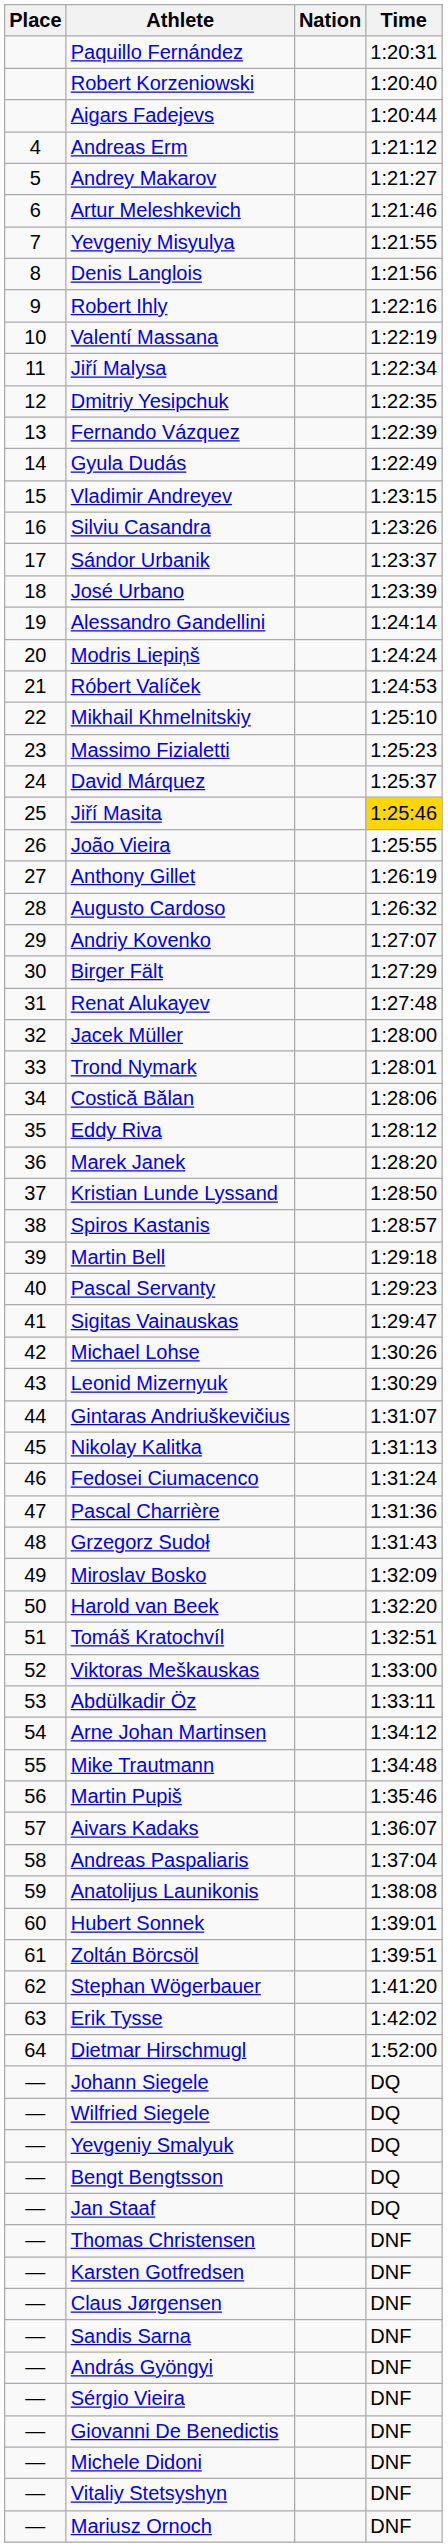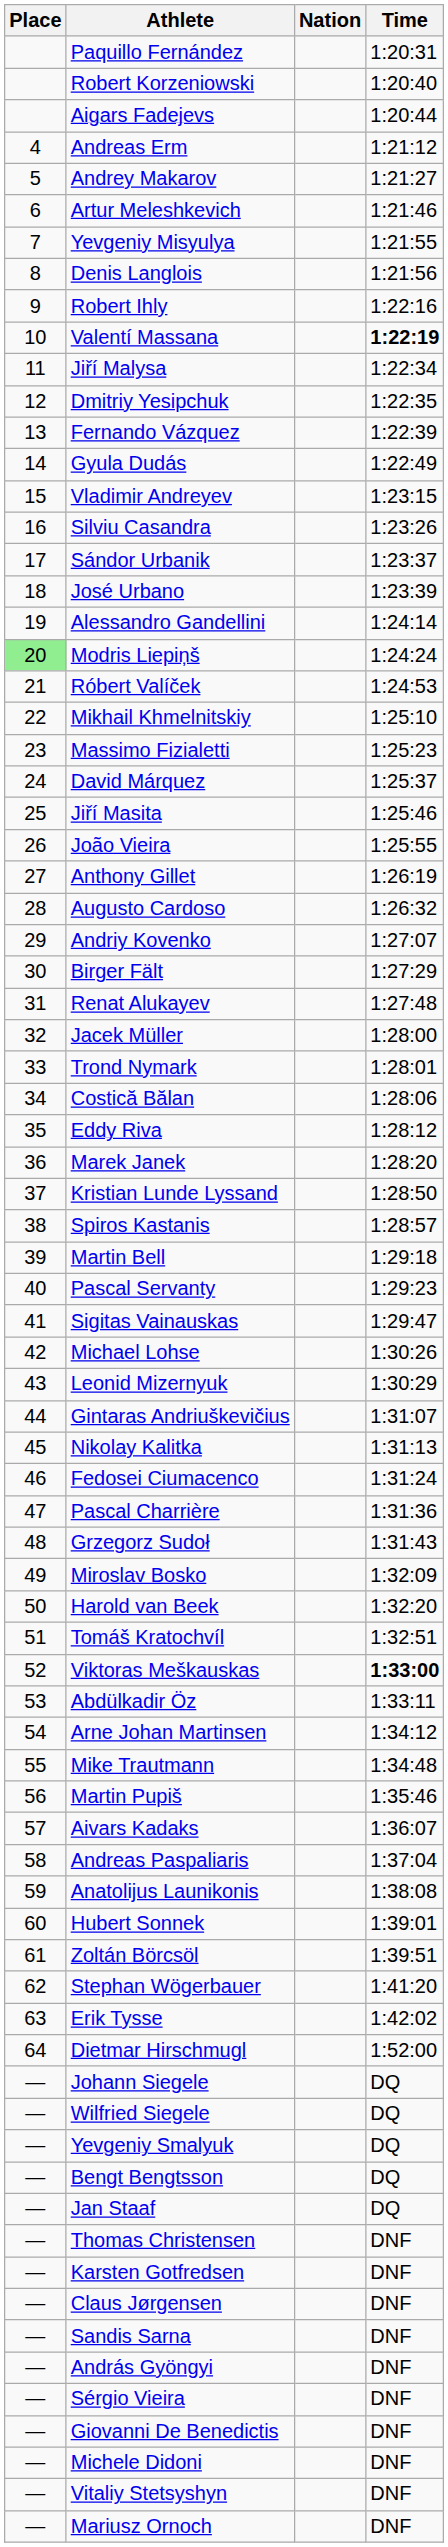 <table class="wikitable sortable">
 <tr>
 <th>Place</th>
 <th>Athlete</th>
 <th>Nation</th>
 <th>Time</th>
 </tr>
 <tr>
 <td align=center></td>
 <td><a href='#'>Paquillo Fernández</a></td>
 <td></td>
 <td>1:20:31</td>
 </tr>
 <tr>
 <td align=center></td>
 <td><a href='#'>Robert Korzeniowski</a></td>
 <td></td>
 <td>1:20:40</td>
 </tr>
 <tr>
 <td align=center></td>
 <td><a href='#'>Aigars Fadejevs</a></td>
 <td></td>
 <td>1:20:44</td>
 </tr>
 <tr>
 <td align=center>4</td>
 <td><a href='#'>Andreas Erm</a></td>
 <td></td>
 <td>1:21:12</td>
 </tr>
 <tr>
 <td align=center>5</td>
 <td><a href='#'>Andrey Makarov</a></td>
 <td></td>
 <td>1:21:27</td>
 </tr>
 <tr>
 <td align=center>6</td>
 <td><a href='#'>Artur Meleshkevich</a></td>
 <td></td>
 <td>1:21:46</td>
 </tr>
 <tr>
 <td align=center>7</td>
 <td><a href='#'>Yevgeniy Misyulya</a></td>
 <td></td>
 <td>1:21:55</td>
 </tr>
 <tr>
 <td align=center>8</td>
 <td><a href='#'>Denis Langlois</a></td>
 <td></td>
 <td>1:21:56</td>
 </tr>
 <tr>
 <td align=center>9</td>
 <td><a href='#'>Robert Ihly</a></td>
 <td></td>
 <td>1:22:16</td>
 </tr>
 <tr>
 <td align=center>10</td>
 <td><a href='#'>Valentí Massana</a></td>
 <td></td>
-<td>1:22:19</td>
+<td><strong>1:22:19</strong></td>
 </tr>
 <tr>
 <td align=center>11</td>
 <td><a href='#'>Jiří Malysa</a></td>
 <td></td>
 <td>1:22:34</td>
 </tr>
 <tr>
 <td align=center>12</td>
 <td><a href='#'>Dmitriy Yesipchuk</a></td>
 <td></td>
 <td>1:22:35</td>
 </tr>
 <tr>
 <td align=center>13</td>
 <td><a href='#'>Fernando Vázquez</a></td>
 <td></td>
 <td>1:22:39</td>
 </tr>
 <tr>
 <td align=center>14</td>
 <td><a href='#'>Gyula Dudás</a></td>
 <td></td>
 <td>1:22:49</td>
 </tr>
 <tr>
 <td align=center>15</td>
 <td><a href='#'>Vladimir Andreyev</a></td>
 <td></td>
 <td>1:23:15</td>
 </tr>
 <tr>
 <td align=center>16</td>
 <td><a href='#'>Silviu Casandra</a></td>
 <td></td>
 <td>1:23:26</td>
 </tr>
 <tr>
 <td align=center>17</td>
 <td><a href='#'>Sándor Urbanik</a></td>
 <td></td>
 <td>1:23:37</td>
 </tr>
 <tr>
 <td align=center>18</td>
 <td><a href='#'>José Urbano</a></td>
 <td></td>
 <td>1:23:39</td>
 </tr>
 <tr>
 <td align=center>19</td>
 <td><a href='#'>Alessandro Gandellini</a></td>
 <td></td>
 <td>1:24:14</td>
 </tr>
 <tr>
-<td align=center>20</td>
+<td align=center style="background: lightgreen;">20</td>
 <td><a href='#'>Modris Liepiņš</a></td>
 <td></td>
 <td>1:24:24</td>
 </tr>
 <tr>
 <td align=center>21</td>
 <td><a href='#'>Róbert Valíček</a></td>
 <td></td>
 <td>1:24:53</td>
 </tr>
 <tr>
 <td align=center>22</td>
 <td><a href='#'>Mikhail Khmelnitskiy</a></td>
 <td></td>
 <td>1:25:10</td>
 </tr>
 <tr>
 <td align=center>23</td>
 <td><a href='#'>Massimo Fizialetti</a></td>
 <td></td>
 <td>1:25:23</td>
 </tr>
 <tr>
 <td align=center>24</td>
 <td><a href='#'>David Márquez</a></td>
 <td></td>
 <td>1:25:37</td>
 </tr>
 <tr>
 <td align=center>25</td>
 <td><a href='#'>Jiří Masita</a></td>
 <td></td>
-<td style="background: gold;">1:25:46</td>
+<td>1:25:46</td>
 </tr>
 <tr>
 <td align=center>26</td>
 <td><a href='#'>João Vieira</a></td>
 <td></td>
 <td>1:25:55</td>
 </tr>
 <tr>
 <td align=center>27</td>
 <td><a href='#'>Anthony Gillet</a></td>
 <td></td>
 <td>1:26:19</td>
 </tr>
 <tr>
 <td align=center>28</td>
 <td><a href='#'>Augusto Cardoso</a></td>
 <td></td>
 <td>1:26:32</td>
 </tr>
 <tr>
 <td align=center>29</td>
 <td><a href='#'>Andriy Kovenko</a></td>
 <td></td>
 <td>1:27:07</td>
 </tr>
 <tr>
 <td align=center>30</td>
 <td><a href='#'>Birger Fält</a></td>
 <td></td>
 <td>1:27:29</td>
 </tr>
 <tr>
 <td align=center>31</td>
 <td><a href='#'>Renat Alukayev</a></td>
 <td></td>
 <td>1:27:48</td>
 </tr>
 <tr>
 <td align=center>32</td>
 <td><a href='#'>Jacek Müller</a></td>
 <td></td>
 <td>1:28:00</td>
 </tr>
 <tr>
 <td align=center>33</td>
 <td><a href='#'>Trond Nymark</a></td>
 <td></td>
 <td>1:28:01</td>
 </tr>
 <tr>
 <td align=center>34</td>
 <td><a href='#'>Costică Bălan</a></td>
 <td></td>
 <td>1:28:06</td>
 </tr>
 <tr>
 <td align=center>35</td>
 <td><a href='#'>Eddy Riva</a></td>
 <td></td>
 <td>1:28:12</td>
 </tr>
 <tr>
 <td align=center>36</td>
 <td><a href='#'>Marek Janek</a></td>
 <td></td>
 <td>1:28:20</td>
 </tr>
 <tr>
 <td align=center>37</td>
 <td><a href='#'>Kristian Lunde Lyssand</a></td>
 <td></td>
 <td>1:28:50</td>
 </tr>
 <tr>
 <td align=center>38</td>
 <td><a href='#'>Spiros Kastanis</a></td>
 <td></td>
 <td>1:28:57</td>
 </tr>
 <tr>
 <td align=center>39</td>
 <td><a href='#'>Martin Bell</a></td>
 <td></td>
 <td>1:29:18</td>
 </tr>
 <tr>
 <td align=center>40</td>
 <td><a href='#'>Pascal Servanty</a></td>
 <td></td>
 <td>1:29:23</td>
 </tr>
 <tr>
 <td align=center>41</td>
 <td><a href='#'>Sigitas Vainauskas</a></td>
 <td></td>
 <td>1:29:47</td>
 </tr>
 <tr>
 <td align=center>42</td>
 <td><a href='#'>Michael Lohse</a></td>
 <td></td>
 <td>1:30:26</td>
 </tr>
 <tr>
 <td align=center>43</td>
 <td><a href='#'>Leonid Mizernyuk</a></td>
 <td></td>
 <td>1:30:29</td>
 </tr>
 <tr>
 <td align=center>44</td>
 <td><a href='#'>Gintaras Andriuškevičius</a></td>
 <td></td>
 <td>1:31:07</td>
 </tr>
 <tr>
 <td align=center>45</td>
 <td><a href='#'>Nikolay Kalitka</a></td>
 <td></td>
 <td>1:31:13</td>
 </tr>
 <tr>
 <td align=center>46</td>
 <td><a href='#'>Fedosei Ciumacenco</a></td>
 <td></td>
 <td>1:31:24</td>
 </tr>
 <tr>
 <td align=center>47</td>
 <td><a href='#'>Pascal Charrière</a></td>
 <td></td>
 <td>1:31:36</td>
 </tr>
 <tr>
 <td align=center>48</td>
 <td><a href='#'>Grzegorz Sudoł</a></td>
 <td></td>
 <td>1:31:43</td>
 </tr>
 <tr>
 <td align=center>49</td>
 <td><a href='#'>Miroslav Bosko</a></td>
 <td></td>
 <td>1:32:09</td>
 </tr>
 <tr>
 <td align=center>50</td>
 <td><a href='#'>Harold van Beek</a></td>
 <td></td>
 <td>1:32:20</td>
 </tr>
 <tr>
 <td align=center>51</td>
 <td><a href='#'>Tomáš Kratochvíl</a></td>
 <td></td>
 <td>1:32:51</td>
 </tr>
 <tr>
 <td align=center>52</td>
 <td><a href='#'>Viktoras Meškauskas</a></td>
 <td></td>
-<td>1:33:00</td>
+<td><strong>1:33:00</strong></td>
 </tr>
 <tr>
 <td align=center>53</td>
 <td><a href='#'>Abdülkadir Öz</a></td>
 <td></td>
 <td>1:33:11</td>
 </tr>
 <tr>
 <td align=center>54</td>
 <td><a href='#'>Arne Johan Martinsen</a></td>
 <td></td>
 <td>1:34:12</td>
 </tr>
 <tr>
 <td align=center>55</td>
 <td><a href='#'>Mike Trautmann</a></td>
 <td></td>
 <td>1:34:48</td>
 </tr>
 <tr>
 <td align=center>56</td>
 <td><a href='#'>Martin Pupiš</a></td>
 <td></td>
 <td>1:35:46</td>
 </tr>
 <tr>
 <td align=center>57</td>
 <td><a href='#'>Aivars Kadaks</a></td>
 <td></td>
 <td>1:36:07</td>
 </tr>
 <tr>
 <td align=center>58</td>
 <td><a href='#'>Andreas Paspaliaris</a></td>
 <td></td>
 <td>1:37:04</td>
 </tr>
 <tr>
 <td align=center>59</td>
 <td><a href='#'>Anatolijus Launikonis</a></td>
 <td></td>
 <td>1:38:08</td>
 </tr>
 <tr>
 <td align=center>60</td>
 <td><a href='#'>Hubert Sonnek</a></td>
 <td></td>
 <td>1:39:01</td>
 </tr>
 <tr>
 <td align=center>61</td>
 <td><a href='#'>Zoltán Börcsöl</a></td>
 <td></td>
 <td>1:39:51</td>
 </tr>
 <tr>
 <td align=center>62</td>
 <td><a href='#'>Stephan Wögerbauer</a></td>
 <td></td>
 <td>1:41:20</td>
 </tr>
 <tr>
 <td align=center>63</td>
 <td><a href='#'>Erik Tysse</a></td>
 <td></td>
 <td>1:42:02</td>
 </tr>
 <tr>
 <td align=center>64</td>
 <td><a href='#'>Dietmar Hirschmugl</a></td>
 <td></td>
 <td>1:52:00</td>
 </tr>
 <tr>
 <td align=center>—</td>
 <td><a href='#'>Johann Siegele</a></td>
 <td></td>
 <td>DQ</td>
 </tr>
 <tr>
 <td align=center>—</td>
 <td><a href='#'>Wilfried Siegele</a></td>
 <td></td>
 <td>DQ</td>
 </tr>
 <tr>
 <td align=center>—</td>
 <td><a href='#'>Yevgeniy Smalyuk</a></td>
 <td></td>
 <td>DQ</td>
 </tr>
 <tr>
 <td align=center>—</td>
 <td><a href='#'>Bengt Bengtsson</a></td>
 <td></td>
 <td>DQ</td>
 </tr>
 <tr>
 <td align=center>—</td>
 <td><a href='#'>Jan Staaf</a></td>
 <td></td>
 <td>DQ</td>
 </tr>
 <tr>
 <td align=center>—</td>
 <td><a href='#'>Thomas Christensen</a></td>
 <td></td>
 <td>DNF</td>
 </tr>
 <tr>
 <td align=center>—</td>
 <td><a href='#'>Karsten Gotfredsen</a></td>
 <td></td>
 <td>DNF</td>
 </tr>
 <tr>
 <td align=center>—</td>
 <td><a href='#'>Claus Jørgensen</a></td>
 <td></td>
 <td>DNF</td>
 </tr>
 <tr>
 <td align=center>—</td>
 <td><a href='#'>Sandis Sarna</a></td>
 <td></td>
 <td>DNF</td>
 </tr>
 <tr>
 <td align=center>—</td>
 <td><a href='#'>András Gyöngyi</a></td>
 <td></td>
 <td>DNF</td>
 </tr>
 <tr>
 <td align=center>—</td>
 <td><a href='#'>Sérgio Vieira</a></td>
 <td></td>
 <td>DNF</td>
 </tr>
 <tr>
 <td align=center>—</td>
 <td><a href='#'>Giovanni De Benedictis</a></td>
 <td></td>
 <td>DNF</td>
 </tr>
 <tr>
 <td align=center>—</td>
 <td><a href='#'>Michele Didoni</a></td>
 <td></td>
 <td>DNF</td>
 </tr>
 <tr>
 <td align=center>—</td>
 <td><a href='#'>Vitaliy Stetsyshyn</a></td>
 <td></td>
 <td>DNF</td>
 </tr>
 <tr>
 <td align=center>—</td>
 <td><a href='#'>Mariusz Ornoch</a></td>
 <td></td>
 <td>DNF</td>
 </tr>
 </table>
